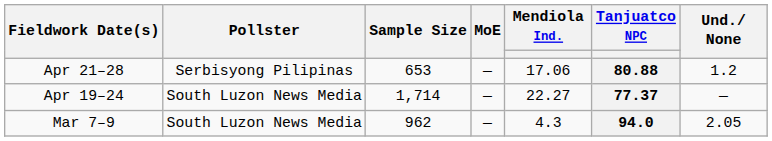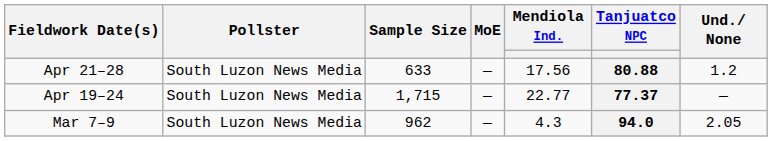 <table class="wikitable" style="text-align:center;font-size:85%;line-height:14px">
 <tr>
 <th rowspan="2">Fieldwork Date(s)</th>
 <th rowspan="2">Pollster</th>
 <th rowspan="2">Sample Size</th>
 <th rowspan="2">MoE</th>
 <th style="width:60px;">Mendiola<br><small><a href='#'>Ind.</a></small></th>
 <th style="width:60px;"><a href='#'>Tanjuatco</a><br><small><a href='#'>NPC</a></small></th>
 <th rowspan="2" style="width:60px;">Und./<br>None</th>
 </tr>
 <tr>
 <th style="background:"></th>
 <th style="background:"></th>
 </tr>
 <tr>
 <td>Apr 21–28</td>
-<td>Serbisyong Pilipinas</td>
-<td>653</td>
+<td>South Luzon News Media</td>
+<td>633</td>
 <td>—</td>
-<td>17.06</td>
+<td>17.56</td>
 <th style="background-color:#"><strong>80.88</strong></th>
 <td>1.2</td>
 </tr>
 <tr>
 <td>Apr 19–24</td>
 <td>South Luzon News Media</td>
-<td>1,714</td>
+<td>1,715</td>
 <td>—</td>
-<td>22.27</td>
+<td>22.77</td>
 <th style="background-color:#"><strong>77.37</strong></th>
 <td>—</td>
 </tr>
 <tr>
 <td>Mar 7–9</td>
 <td>South Luzon News Media</td>
 <td>962</td>
 <td>—</td>
 <td>4.3</td>
 <th style="background-color:#"><strong>94.0</strong></th>
 <td>2.05</td>
 </tr>
 </table>
